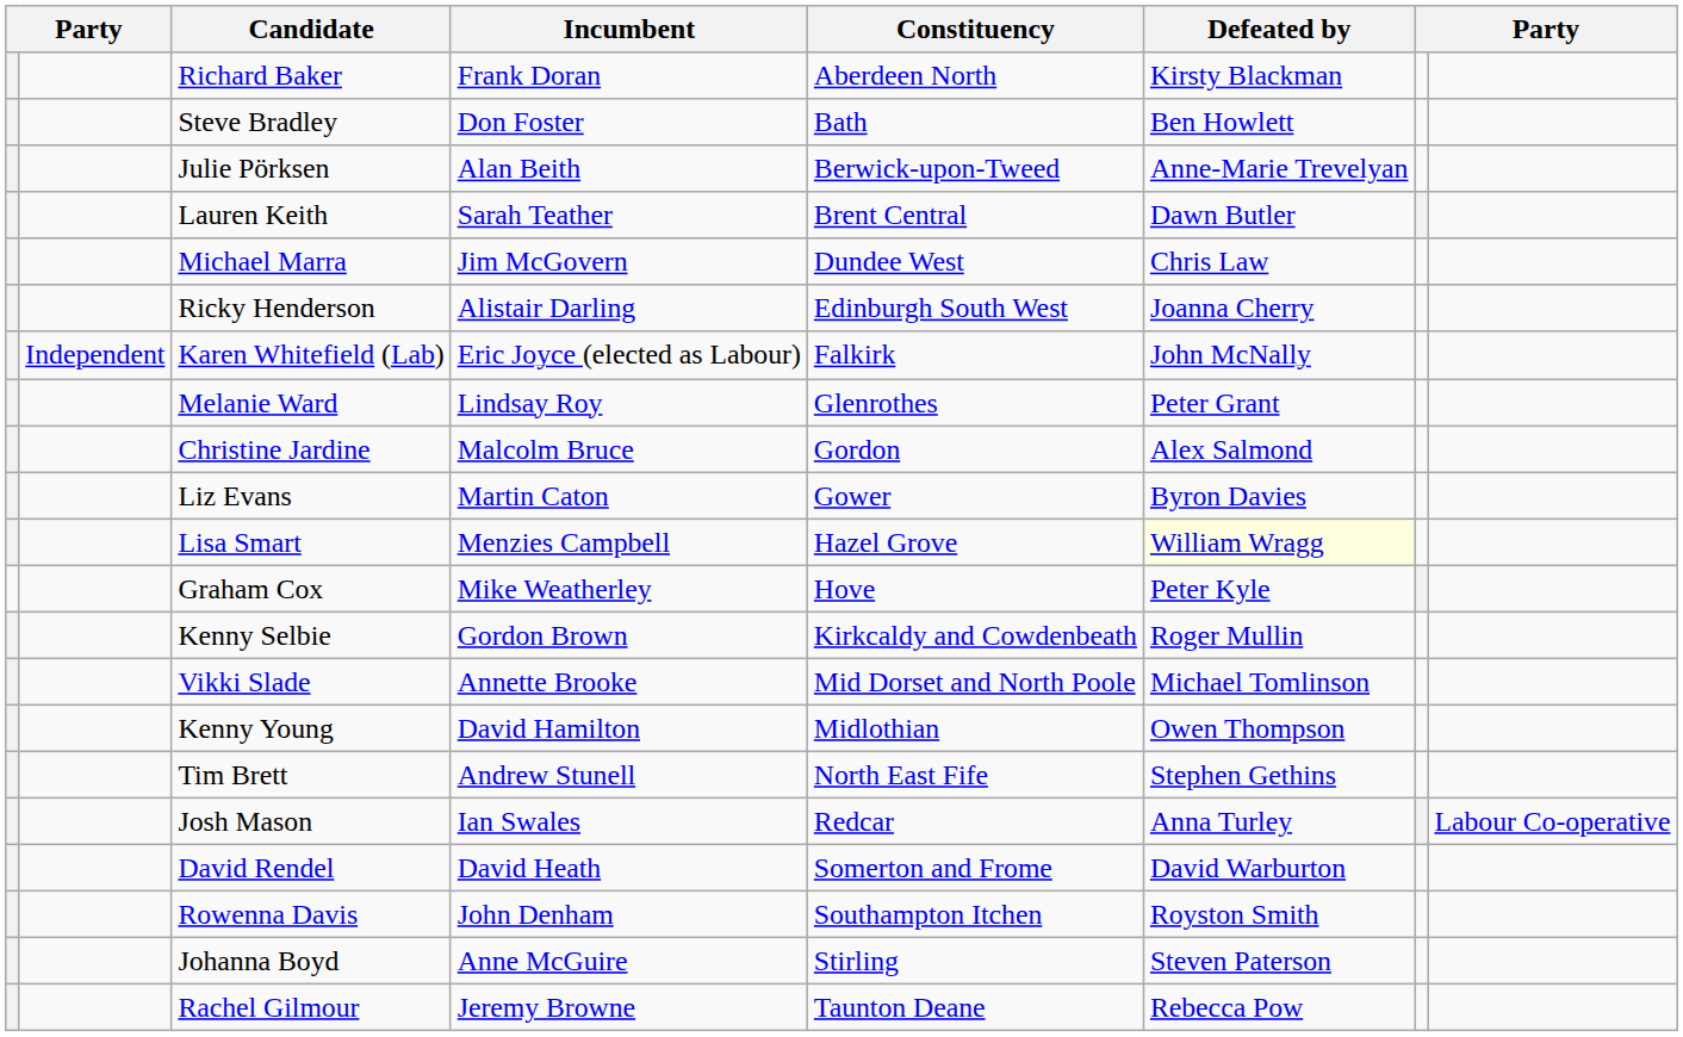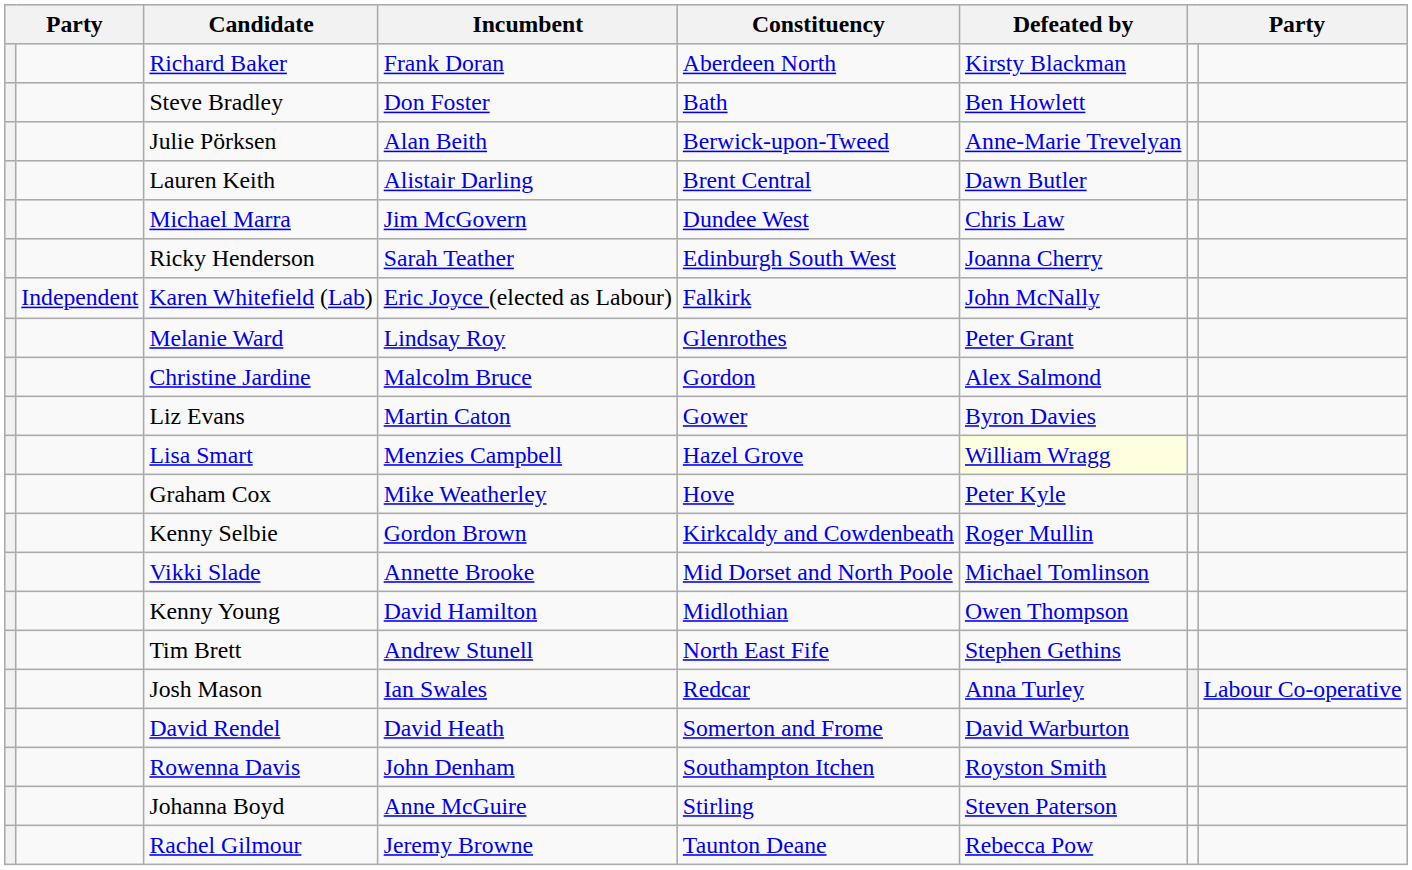 <table class="wikitable sortable" style="font-size: 95%;">
 <tr>
 <th colspan="2">Party</th>
 <th>Candidate</th>
 <th>Incumbent</th>
 <th>Constituency</th>
 <th>Defeated by</th>
 <th colspan="2">Party</th>
 </tr>
 <tr>
 <th style="background-color: "></th>
 <td></td>
 <td data-sort-value="Baker, Richard"><a href='#'>Richard Baker</a></td>
 <td data-sort-value="Doran, Frank"><a href='#'>Frank Doran</a></td>
 <td><a href='#'>Aberdeen North</a></td>
 <td data-sort-value="Blackman, Kirsty"><a href='#'>Kirsty Blackman</a></td>
 <td style="background-color: "></td>
 <td></td>
 </tr>
 <tr>
 <th style="background-color: "></th>
 <td></td>
 <td data-sort-value="Bradley, Steve">Steve Bradley</td>
 <td data-sort-value="Foster, Don"><a href='#'>Don Foster</a></td>
 <td><a href='#'>Bath</a></td>
 <td data-sort-value="Howlett, Ben"><a href='#'>Ben Howlett</a></td>
 <td style="background-color: "></td>
 <td></td>
 </tr>
 <tr>
 <th style="background-color: "></th>
 <td></td>
 <td data-sort-value="Poksen, Julie">Julie Pörksen</td>
 <td data-sort-value="Beith, Alan"><a href='#'>Alan Beith</a></td>
 <td><a href='#'>Berwick-upon-Tweed</a></td>
 <td data-sort-value="Trevelyan, Anne-Marie"><a href='#'>Anne-Marie Trevelyan</a></td>
 <td style="background-color: "></td>
 <td></td>
 </tr>
 <tr>
 <th style="background-color: "></th>
 <td></td>
 <td data-sort-value="Keith, Lauren">Lauren Keith</td>
-<td data-sort-value="Teather, Sarah"><a href='#'>Sarah Teather</a></td>
+<td data-sort-value="Darling, Alistair"><a href='#'>Alistair Darling</a></td>
 <td><a href='#'>Brent Central</a></td>
 <td data-sort-value="Butler, Dawn"><a href='#'>Dawn Butler</a></td>
 <th style="background-color: "></th>
 <td></td>
 </tr>
 <tr>
 <th style="background-color: "></th>
 <td></td>
 <td data-sort-value="Marra, Michael"><a href='#'>Michael Marra</a></td>
 <td data-sort-value="Macgovern, Jim"><a href='#'>Jim McGovern</a></td>
 <td><a href='#'>Dundee West</a></td>
 <td data-sort-value="Law, Chris"><a href='#'>Chris Law</a></td>
 <td style="background-color: "></td>
 <td></td>
 </tr>
 <tr>
 <th style="background-color: "></th>
 <td></td>
 <td data-sort-value="Henderson, Ricky">Ricky Henderson</td>
-<td data-sort-value="Darling, Alistair"><a href='#'>Alistair Darling</a></td>
+<td data-sort-value="Teather, Sarah"><a href='#'>Sarah Teather</a></td>
 <td><a href='#'>Edinburgh South West</a></td>
 <td data-sort-value="Cherry, Joanna%"><a href='#'>Joanna Cherry</a></td>
 <td style="background-color: "></td>
 <td></td>
 </tr>
 <tr>
 <th style="background-color: "></th>
 <td><a href='#'>Independent</a></td>
 <td data-sort-value="Whitefield, Karen"><a href='#'>Karen Whitefield</a> (<a href='#'>Lab</a>)</td>
 <td data-sort-value="Joyce, Eric"><a href='#'>Eric Joyce </a>(elected as Labour)</td>
 <td><a href='#'>Falkirk</a></td>
 <td data-sort-value="Macnally, John"><a href='#'>John McNally</a></td>
 <td style="background-color: "></td>
 <td></td>
 </tr>
 <tr>
 <th style="background-color: "></th>
 <td></td>
 <td data-sort-value="Ward, Melanie"><a href='#'>Melanie Ward</a></td>
 <td data-sort-value="Roy, Lindsay"><a href='#'>Lindsay Roy</a></td>
 <td><a href='#'>Glenrothes</a></td>
 <td data-sort-value="Grant, Peter"><a href='#'>Peter Grant</a></td>
 <td style="background-color: "></td>
 <td></td>
 </tr>
 <tr>
 <th style="background-color: "></th>
 <td></td>
 <td data-sort-value="Jardine, Christine"><a href='#'>Christine Jardine</a></td>
 <td data-sort-value="Bruce, Malcolm"><a href='#'>Malcolm Bruce</a></td>
 <td><a href='#'>Gordon</a></td>
 <td data-sort-value="Salmond, Alex"><a href='#'>Alex Salmond</a></td>
 <td style="background-color: "></td>
 <td></td>
 </tr>
 <tr>
 <th style="background-color: "></th>
 <td></td>
 <td data-sort-value="Evans, Liz">Liz Evans</td>
 <td data-sort-value="Caton, Martin"><a href='#'>Martin Caton</a></td>
 <td><a href='#'>Gower</a></td>
 <td data-sort-value="Davies, Byron"><a href='#'>Byron Davies</a></td>
 <td style="background-color: "></td>
 <td></td>
 </tr>
 <tr>
 <th style="background-color: "></th>
 <td></td>
 <td data-sort-value="Smart, Lisa"><a href='#'>Lisa Smart</a></td>
 <td data-sort-value="Campbell, Menzies"><a href='#'>Menzies Campbell</a></td>
 <td><a href='#'>Hazel Grove</a></td>
 <td data-sort-value="Wragg, William" style="background: lightyellow;"><a href='#'>William Wragg</a></td>
 <td style="background-color: "></td>
 <td></td>
 </tr>
 <tr>
 <td style="background-color: "></td>
 <td></td>
 <td data-sort-value="Cox, Grahanm">Graham Cox</td>
 <td data-sort-value="Weatherley, Mike"><a href='#'>Mike Weatherley</a></td>
 <td><a href='#'>Hove</a></td>
 <td data-sort-value="Kyle, Peter"><a href='#'>Peter Kyle</a></td>
 <th style="background-color: "></th>
 <td></td>
 </tr>
 <tr>
 <th style="background-color: "></th>
 <td></td>
 <td data-sort-value="Selbie, Kenny">Kenny Selbie</td>
 <td data-sort-value="Brown, Gordon"><a href='#'>Gordon Brown</a></td>
 <td><a href='#'>Kirkcaldy and Cowdenbeath</a></td>
 <td data-sort-value="Mullin, Roger"><a href='#'>Roger Mullin</a></td>
 <td style="background-color: "></td>
 <td></td>
 </tr>
 <tr>
 <th style="background-color: "></th>
 <td></td>
 <td data-sort-value="Slade, Vikki"><a href='#'>Vikki Slade</a></td>
 <td data-sort-value="Brooke, Annette"><a href='#'>Annette Brooke</a></td>
 <td><a href='#'>Mid Dorset and North Poole</a></td>
 <td data-sort-value="Tomlinson, Michael"><a href='#'>Michael Tomlinson</a></td>
 <td style="background-color: "></td>
 <td></td>
 </tr>
 <tr>
 <th style="background-color: "></th>
 <td></td>
 <td data-sort-value="Young, Kenny">Kenny Young</td>
 <td data-sort-value="Hamilton, David"><a href='#'>David Hamilton</a></td>
 <td><a href='#'>Midlothian</a></td>
 <td data-sort-value="Thompson, Owen"><a href='#'>Owen Thompson</a></td>
 <td style="background-color: "></td>
 <td></td>
 </tr>
 <tr>
 <th style="background-color: "></th>
 <td></td>
 <td data-sort-value="Brett, Tim">Tim Brett</td>
 <td data-sort-value="Stunnell, Andrew"><a href='#'>Andrew Stunell</a></td>
 <td><a href='#'>North East Fife</a></td>
 <td data-sort-value="Gethins, Stephen"><a href='#'>Stephen Gethins</a></td>
 <td style="background-color: "></td>
 <td></td>
 </tr>
 <tr>
 <th style="background-color: "></th>
 <td></td>
 <td data-sort-value="Mason, John">Josh Mason</td>
 <td data-sort-value="Swales, Ian"><a href='#'>Ian Swales</a></td>
 <td><a href='#'>Redcar</a></td>
 <td data-sort-value="Turley, Anna"><a href='#'>Anna Turley</a></td>
 <th style="background-color: "></th>
 <td><a href='#'>Labour Co-operative</a></td>
 </tr>
 <tr>
 <th style="background-color: "></th>
 <td></td>
 <td data-sort-value="Rendel, David"><a href='#'>David Rendel</a></td>
 <td data-sort-value="Heath, David"><a href='#'>David Heath</a></td>
 <td><a href='#'>Somerton and Frome</a></td>
 <td data-sort-value="Warburton, David"><a href='#'>David Warburton</a></td>
 <td style="background-color: "></td>
 <td></td>
 </tr>
 <tr>
 <th style="background-color: "></th>
 <td></td>
 <td data-sort-value="Davis, Rowena"><a href='#'>Rowenna Davis</a></td>
 <td data-sort-value="DEnham, John"><a href='#'>John Denham</a></td>
 <td><a href='#'>Southampton Itchen</a></td>
 <td data-sort-value="Smith, Royston"><a href='#'>Royston Smith</a></td>
 <td style="background-color: "></td>
 <td></td>
 </tr>
 <tr>
 <th style="background-color: "></th>
 <td></td>
 <td data-sort-value="Boyd, Johanana">Johanna Boyd</td>
 <td data-sort-value="Macguire, Anne"><a href='#'>Anne McGuire</a></td>
 <td><a href='#'>Stirling</a></td>
 <td data-sort-value="Paterson, Steven"><a href='#'>Steven Paterson</a></td>
 <td style="background-color: "></td>
 <td></td>
 </tr>
 <tr>
 <th style="background-color: "></th>
 <td></td>
 <td data-sort-value="Gilmour, Rachel"><a href='#'>Rachel Gilmour</a></td>
 <td data-sort-value="Browen, Jeremy"><a href='#'>Jeremy Browne</a></td>
 <td><a href='#'>Taunton Deane</a></td>
 <td data-sort-value="Pow, Rebecca"><a href='#'>Rebecca Pow</a></td>
 <td style="background-color: "></td>
 <td></td>
 </tr>
 </table>
